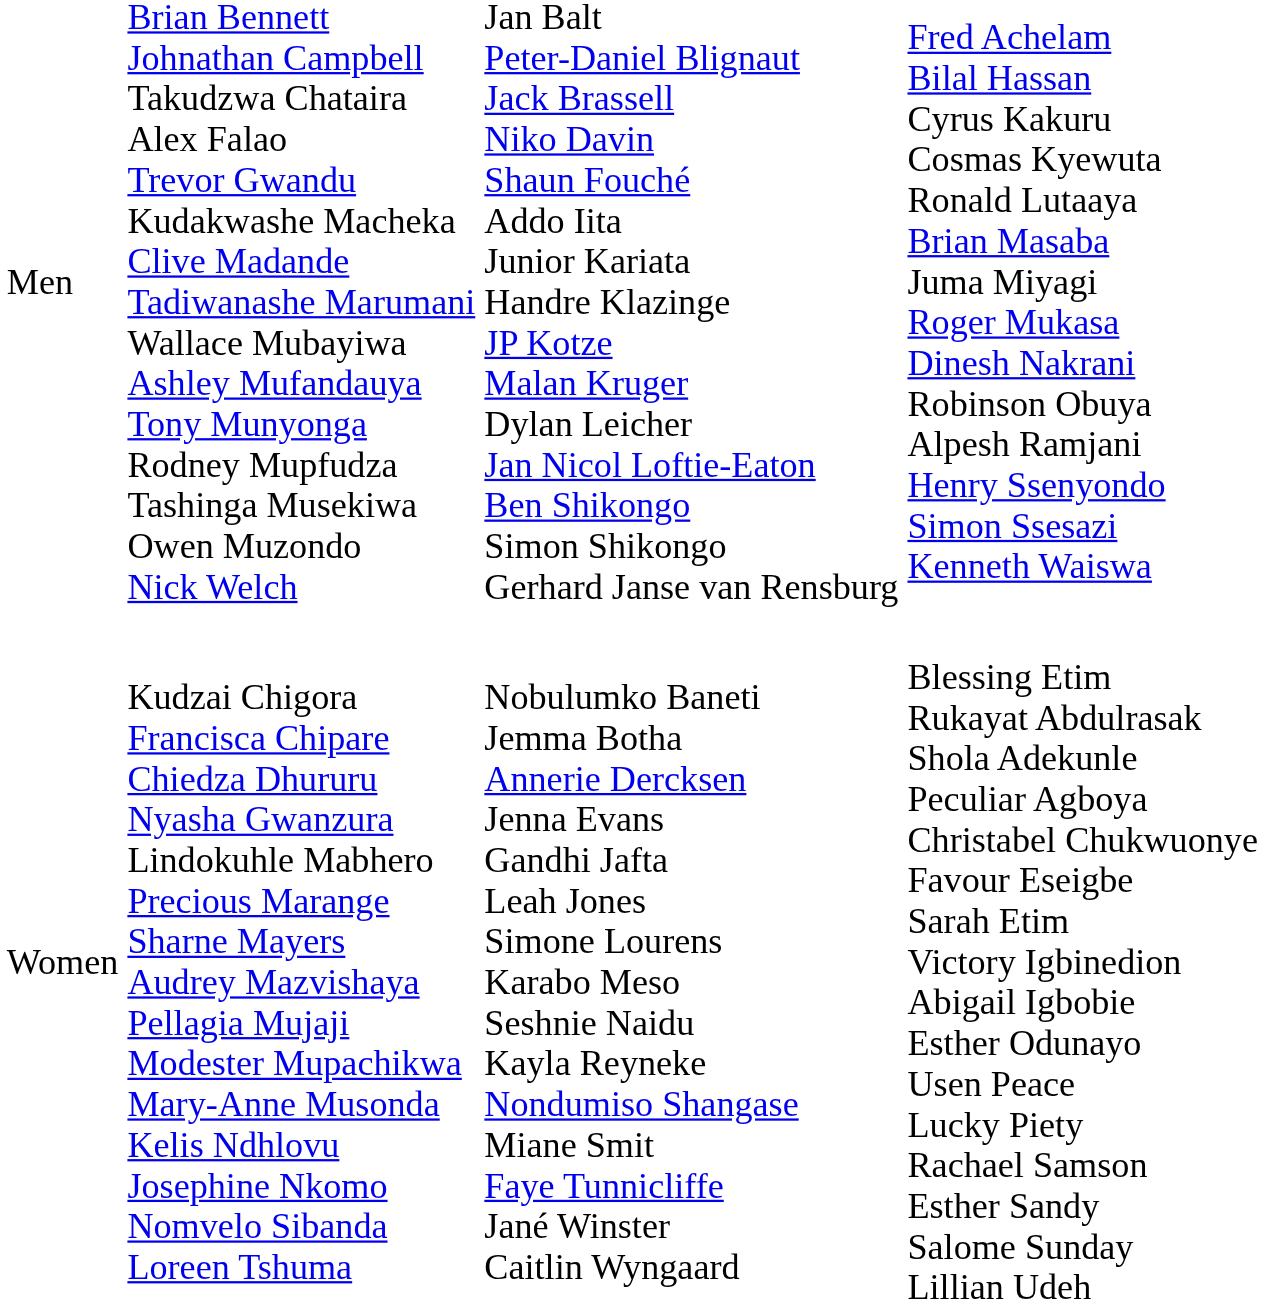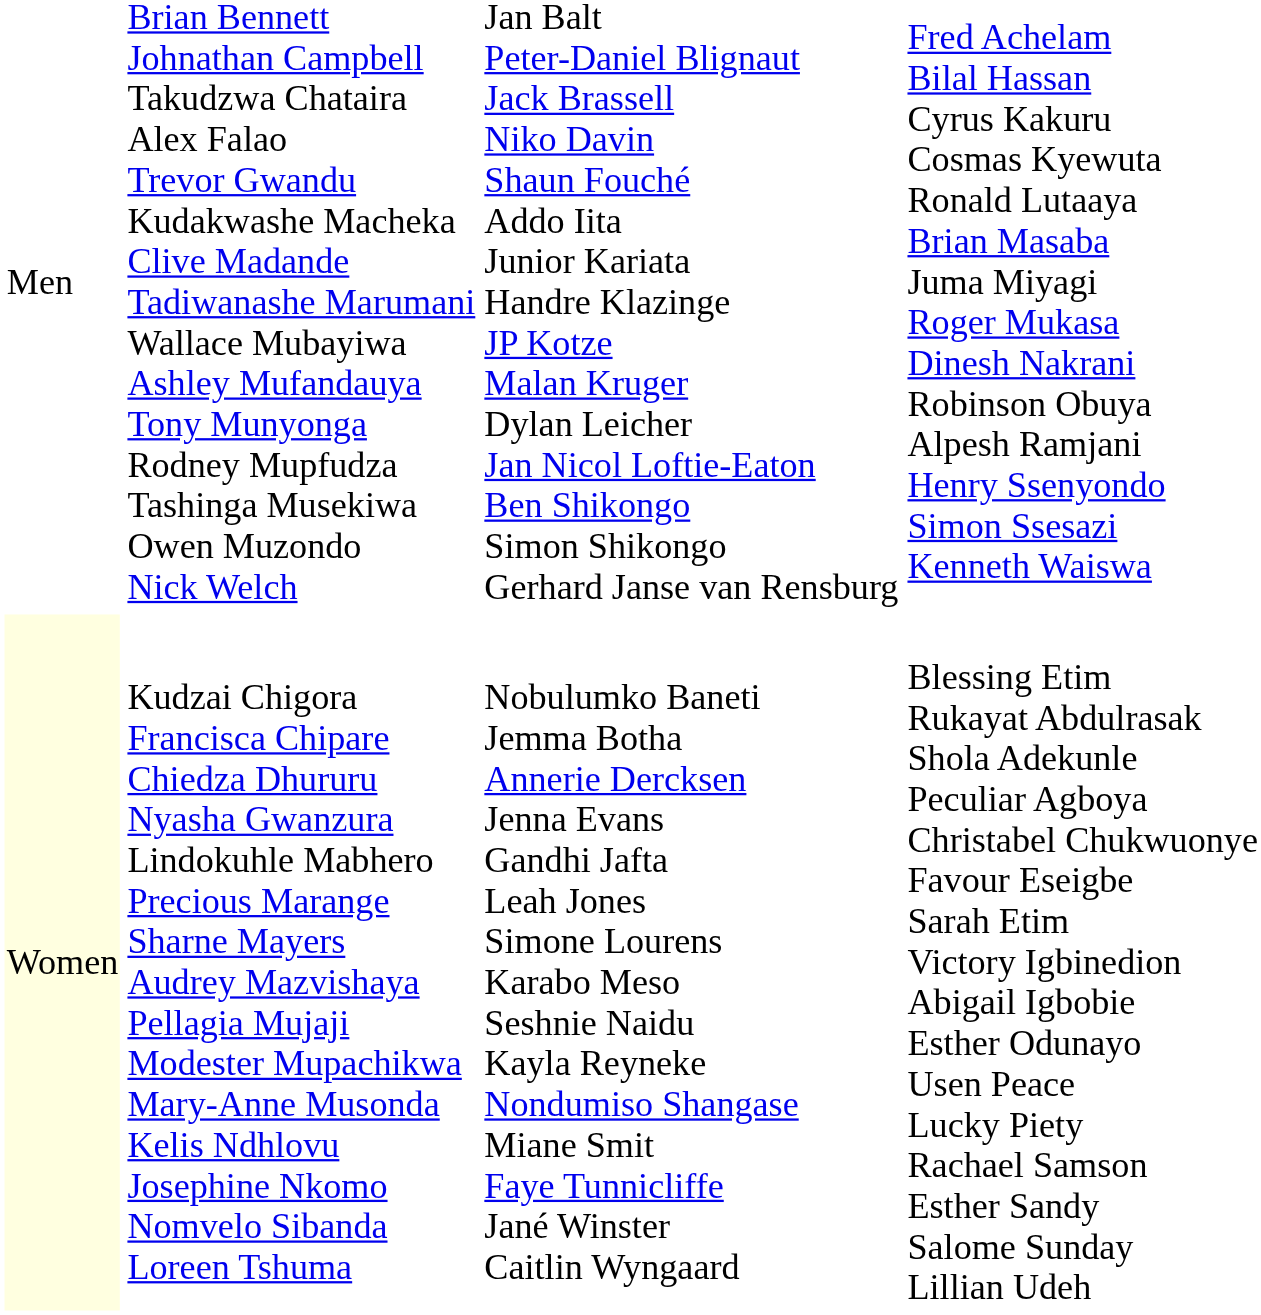 <table>
 <tr>
 <td>Men<br></td>
 <td><br><a href='#'>Brian Bennett</a><br><a href='#'>Johnathan Campbell</a><br>Takudzwa Chataira<br>Alex Falao<br><a href='#'>Trevor Gwandu</a><br>Kudakwashe Macheka<br><a href='#'>Clive Madande</a><br><a href='#'>Tadiwanashe Marumani</a><br>Wallace Mubayiwa<br><a href='#'>Ashley Mufandauya</a><br><a href='#'>Tony Munyonga</a><br>Rodney Mupfudza<br>Tashinga Musekiwa<br>Owen Muzondo<br><a href='#'>Nick Welch</a></td>
 <td><br>Jan Balt<br><a href='#'>Peter-Daniel Blignaut</a><br><a href='#'>Jack Brassell</a><br><a href='#'>Niko Davin</a><br><a href='#'>Shaun Fouché</a><br>Addo Iita<br>Junior Kariata<br>Handre Klazinge<br><a href='#'>JP Kotze</a><br><a href='#'>Malan Kruger</a><br>Dylan Leicher<br><a href='#'>Jan Nicol Loftie-Eaton</a><br><a href='#'>Ben Shikongo</a><br>Simon Shikongo<br>Gerhard Janse van Rensburg</td>
 <td><br><a href='#'>Fred Achelam</a><br><a href='#'>Bilal Hassan</a><br>Cyrus Kakuru<br>Cosmas Kyewuta<br>Ronald Lutaaya<br><a href='#'>Brian Masaba</a><br>Juma Miyagi<br><a href='#'>Roger Mukasa</a><br><a href='#'>Dinesh Nakrani</a><br>Robinson Obuya<br>Alpesh Ramjani<br><a href='#'>Henry Ssenyondo</a><br><a href='#'>Simon Ssesazi</a><br><a href='#'>Kenneth Waiswa</a></td>
 </tr>
 <tr>
-<td>Women<br></td>
+<td style="background: lightyellow;">Women<br></td>
 <td><br>Kudzai Chigora<br><a href='#'>Francisca Chipare</a><br> <a href='#'>Chiedza Dhururu</a><br><a href='#'>Nyasha Gwanzura</a><br>Lindokuhle Mabhero<br><a href='#'>Precious Marange</a><br><a href='#'>Sharne Mayers</a><br><a href='#'>Audrey Mazvishaya</a><br><a href='#'>Pellagia Mujaji</a><br> <a href='#'>Modester Mupachikwa</a><br><a href='#'>Mary-Anne Musonda</a><br><a href='#'>Kelis Ndhlovu</a><br> <a href='#'>Josephine Nkomo</a><br><a href='#'>Nomvelo Sibanda</a><br><a href='#'>Loreen Tshuma</a></td>
 <td><br>Nobulumko Baneti<br>Jemma Botha<br><a href='#'>Annerie Dercksen</a><br>Jenna Evans<br>Gandhi Jafta<br>Leah Jones<br>Simone Lourens<br>Karabo Meso<br>Seshnie Naidu<br>Kayla Reyneke<br><a href='#'>Nondumiso Shangase</a><br>Miane Smit<br><a href='#'>Faye Tunnicliffe</a><br>Jané Winster<br>Caitlin Wyngaard</td>
 <td><br>Blessing Etim<br>Rukayat Abdulrasak<br>Shola Adekunle<br>Peculiar Agboya<br>Christabel Chukwuonye<br>Favour Eseigbe<br>Sarah Etim<br>Victory Igbinedion<br>Abigail Igbobie<br>Esther Odunayo<br>Usen Peace<br>Lucky Piety<br>Rachael Samson<br>Esther Sandy<br>Salome Sunday<br>Lillian Udeh</td>
 </tr>
 </table>
